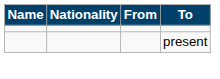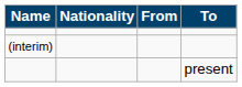 <table class="wikitable plainrowheaders sortable">
 <tr>
 <th style="background:#00416B; color:#FFF; ">Name</th>
 <th style="background:#00416B; color:#FFF; ">Nationality</th>
 <th style="background:#00416B; color:#FFF; ">From</th>
 <th style="background:#00416B; color:#FFF; ">To</th>
 </tr>
 <tr>
 <td></td>
 <td></td>
 <td style="text-align:center;"></td>
 <td style="text-align:center;"></td>
 </tr>
 <tr>
+<td> <small>(interim)</small></td>
+<td></td>
+<td style="text-align:center;"></td>
+<td style="text-align:center;"></td>
+</tr>
+<tr>
 <td></td>
 <td></td>
 <td style="text-align:center;"></td>
 <td style="text-align:center;">present</td>
 </tr>
 </table>
